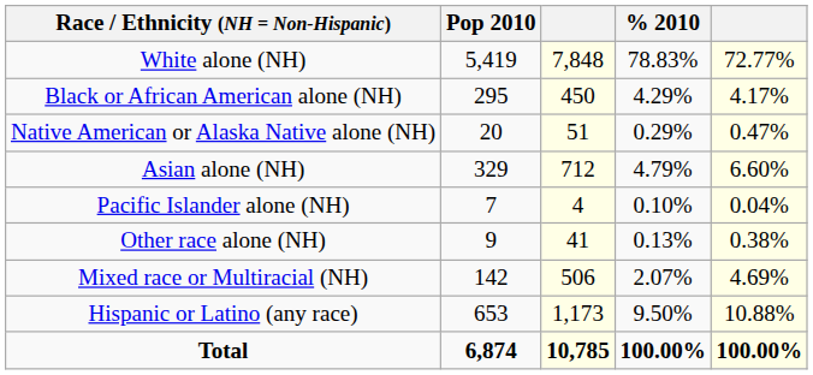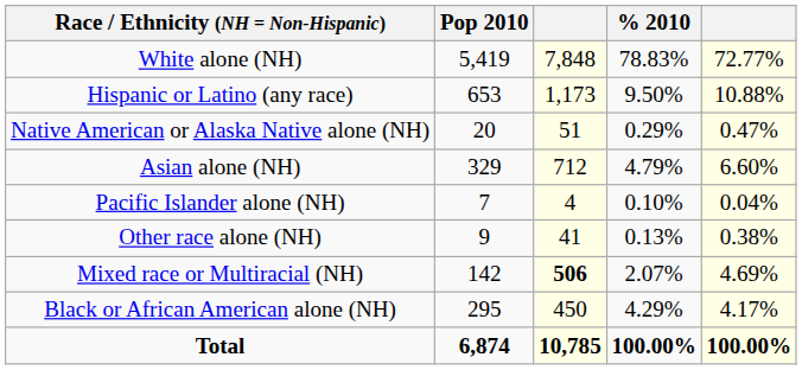 <table class="wikitable" style="text-align:center;">
 <tr>
 <th>Race / Ethnicity <small>(<em>NH = Non-Hispanic</em>)</small></th>
 <th>Pop 2010</th>
 <th></th>
 <th>% 2010</th>
 <th></th>
 </tr>
 <tr>
 <td><a href='#'>White</a> alone (NH)</td>
 <td>5,419</td>
 <td style='background: #ffffe6;'>7,848</td>
 <td>78.83%</td>
 <td style='background: #ffffe6;'>72.77%</td>
 </tr>
 <tr>
-<td><a href='#'>Black or African American</a> alone (NH)</td>
-<td>295</td>
-<td style='background: #ffffe6;'>450</td>
-<td>4.29%</td>
-<td style='background: #ffffe6;'>4.17%</td>
+<td><a href='#'>Hispanic or Latino</a> (any race)</td>
+<td>653</td>
+<td style='background: #ffffe6;'>1,173</td>
+<td>9.50%</td>
+<td style='background: #ffffe6;'>10.88%</td>
 </tr>
 <tr>
 <td><a href='#'>Native American</a> or <a href='#'>Alaska Native</a> alone (NH)</td>
 <td>20</td>
 <td style='background: #ffffe6;'>51</td>
 <td>0.29%</td>
 <td style='background: #ffffe6;'>0.47%</td>
 </tr>
 <tr>
 <td><a href='#'>Asian</a> alone (NH)</td>
 <td>329</td>
 <td style='background: #ffffe6;'>712</td>
 <td>4.79%</td>
 <td style='background: #ffffe6;'>6.60%</td>
 </tr>
 <tr>
 <td><a href='#'>Pacific Islander</a> alone (NH)</td>
 <td>7</td>
 <td style='background: #ffffe6;'>4</td>
 <td>0.10%</td>
 <td style='background: #ffffe6;'>0.04%</td>
 </tr>
 <tr>
 <td><a href='#'>Other race</a> alone (NH)</td>
 <td>9</td>
 <td style='background: #ffffe6;'>41</td>
 <td>0.13%</td>
 <td style='background: #ffffe6;'>0.38%</td>
 </tr>
 <tr>
 <td><a href='#'>Mixed race or Multiracial</a> (NH)</td>
 <td>142</td>
-<td style='background: #ffffe6;'>506</td>
+<td style='background: #ffffe6;'><strong>506</strong></td>
 <td>2.07%</td>
 <td style='background: #ffffe6;'>4.69%</td>
 </tr>
 <tr>
-<td><a href='#'>Hispanic or Latino</a> (any race)</td>
-<td>653</td>
-<td style='background: #ffffe6;'>1,173</td>
-<td>9.50%</td>
-<td style='background: #ffffe6;'>10.88%</td>
+<td><a href='#'>Black or African American</a> alone (NH)</td>
+<td>295</td>
+<td style='background: #ffffe6;'>450</td>
+<td>4.29%</td>
+<td style='background: #ffffe6;'>4.17%</td>
 </tr>
 <tr>
 <td><strong>Total</strong></td>
 <td><strong>6,874</strong></td>
 <td style='background: #ffffe6;'><strong>10,785</strong></td>
 <td><strong>100.00%</strong></td>
 <td style='background: #ffffe6;'><strong>100.00%</strong></td>
 </tr>
 </table>
